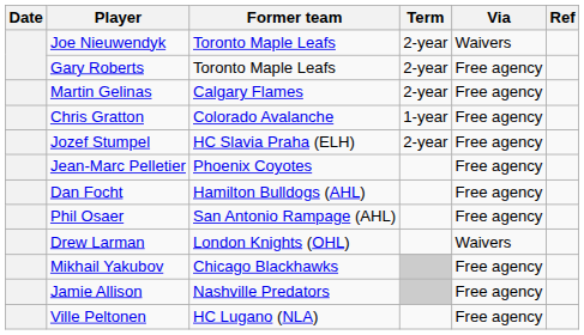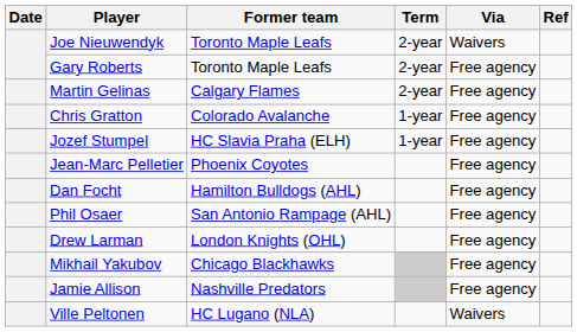 <table class="wikitable plainrowheaders">
 <tr style="background:#ddd; text-align:center;">
 <th>Date</th>
 <th>Player</th>
 <th>Former team</th>
 <th>Term</th>
 <th>Via</th>
 <th>Ref</th>
 </tr>
 <tr>
 <th scope="row" rowspan=2></th>
 <td><a href='#'>Joe Nieuwendyk</a></td>
 <td><a href='#'>Toronto Maple Leafs</a></td>
 <td>2-year</td>
 <td>Waivers</td>
 <td></td>
 </tr>
 <tr>
 <td><a href='#'>Gary Roberts</a></td>
 <td>Toronto Maple Leafs</td>
 <td>2-year</td>
 <td>Free agency</td>
 <td></td>
 </tr>
 <tr>
 <th scope="row"></th>
 <td><a href='#'>Martin Gelinas</a></td>
 <td><a href='#'>Calgary Flames</a></td>
 <td>2-year</td>
 <td>Free agency</td>
 <td></td>
 </tr>
 <tr>
 <th scope="row"></th>
 <td><a href='#'>Chris Gratton</a></td>
 <td><a href='#'>Colorado Avalanche</a></td>
 <td>1-year</td>
 <td>Free agency</td>
 <td></td>
 </tr>
 <tr>
 <th scope="row"></th>
 <td><a href='#'>Jozef Stumpel</a></td>
 <td><a href='#'>HC Slavia Praha</a> (ELH)</td>
-<td>2-year</td>
+<td>1-year</td>
 <td>Free agency</td>
 <td></td>
 </tr>
 <tr>
 <th scope="row"></th>
 <td><a href='#'>Jean-Marc Pelletier</a></td>
 <td><a href='#'>Phoenix Coyotes</a></td>
 <td></td>
 <td>Free agency</td>
 <td></td>
 </tr>
 <tr>
 <th scope="row"></th>
 <td><a href='#'>Dan Focht</a></td>
 <td><a href='#'>Hamilton Bulldogs</a> (<a href='#'>AHL</a>)</td>
 <td></td>
 <td>Free agency</td>
 <td></td>
 </tr>
 <tr>
 <th scope="row"></th>
 <td><a href='#'>Phil Osaer</a></td>
 <td><a href='#'>San Antonio Rampage</a> (AHL)</td>
 <td></td>
 <td>Free agency</td>
 <td></td>
 </tr>
 <tr>
 <th scope="row"></th>
 <td><a href='#'>Drew Larman</a></td>
 <td><a href='#'>London Knights</a> (<a href='#'>OHL</a>)</td>
 <td></td>
-<td>Waivers</td>
+<td>Free agency</td>
 <td></td>
 </tr>
 <tr>
 <th scope="row"></th>
 <td><a href='#'>Mikhail Yakubov</a></td>
 <td><a href='#'>Chicago Blackhawks</a></td>
 <td style="background:#ccc"></td>
 <td>Free agency</td>
 <td></td>
 </tr>
 <tr>
 <th scope="row"></th>
 <td><a href='#'>Jamie Allison</a></td>
 <td><a href='#'>Nashville Predators</a></td>
 <td style="background:#ccc"></td>
 <td>Free agency</td>
 <td></td>
 </tr>
 <tr>
 <th scope="row"></th>
 <td><a href='#'>Ville Peltonen</a></td>
 <td><a href='#'>HC Lugano</a> (<a href='#'>NLA</a>)</td>
 <td></td>
-<td>Free agency</td>
+<td>Waivers</td>
 <td></td>
 </tr>
 </table>
